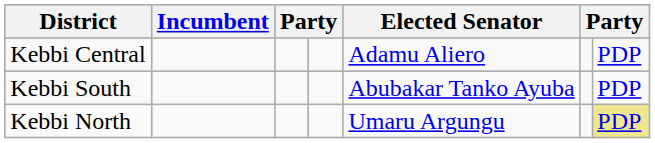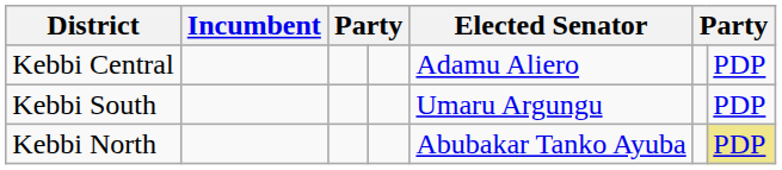 <table class="sortable wikitable" style="font-size:95%;line-height:14px;">
 <tr>
 <th class="unsortable">District</th>
 <th class="unsortable"><a href='#'>Incumbent</a></th>
 <th colspan="2">Party</th>
 <th class="unsortable">Elected Senator</th>
 <th colspan="2">Party</th>
 </tr>
 <tr>
 <td>Kebbi Central</td>
 <td></td>
 <td></td>
 <td></td>
 <td><a href='#'>Adamu Aliero</a></td>
 <td style="background:"></td>
 <td><a href='#'>PDP</a></td>
 </tr>
 <tr>
 <td>Kebbi South</td>
 <td></td>
 <td></td>
 <td></td>
-<td><a href='#'>Abubakar Tanko Ayuba</a></td>
+<td><a href='#'>Umaru Argungu</a></td>
 <td style="background:"></td>
 <td><a href='#'>PDP</a></td>
 </tr>
 <tr>
 <td>Kebbi North</td>
 <td></td>
 <td></td>
 <td></td>
-<td><a href='#'>Umaru Argungu</a></td>
+<td><a href='#'>Abubakar Tanko Ayuba</a></td>
 <td style="background:"></td>
 <td style="background: khaki;"><a href='#'>PDP</a></td>
 </tr>
 </table>
